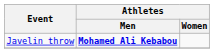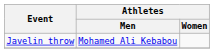 <table class=wikitable style="font-size:90%">
 <tr>
 <th rowspan=2>Event</th>
 <th colspan=2>Athletes</th>
 </tr>
 <tr>
 <th>Men</th>
 <th>Women</th>
 </tr>
 <tr>
 <td><a href='#'>Javelin throw</a></td>
-<td><strong><a href='#'>Mohamed Ali Kebabou</a></strong></td>
+<td><a href='#'>Mohamed Ali Kebabou</a></td>
 <td></td>
 </tr>
 <tr>
 </tr>
 </table>
